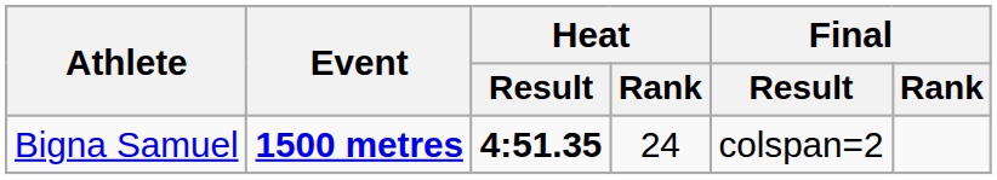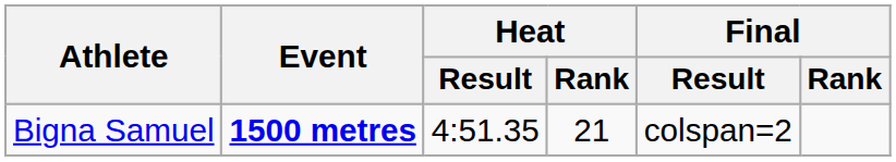 <table class=wikitable style=font-size:90%>
 <tr>
 <th rowspan=2>Athlete</th>
 <th rowspan=2>Event</th>
 <th colspan=2>Heat</th>
 <th colspan=2>Final</th>
 </tr>
 <tr style=font-size:95%>
 <th>Result</th>
 <th>Rank</th>
 <th>Result</th>
 <th>Rank</th>
 </tr>
 <tr align=center>
 <td align=left><a href='#'>Bigna Samuel</a></td>
 <td align=left><strong><a href='#'>1500 metres</a></strong></td>
-<td><strong>4:51.35</strong></td>
-<td>24</td>
+<td>4:51.35</td>
+<td>21</td>
 <td>colspan=2 </td>
 </tr>
 </table>
